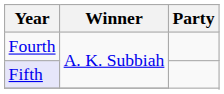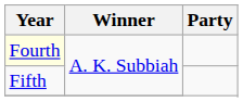 <table class="wikitable sortable">
 <tr>
 <th>Year</th>
 <th>Winner</th>
 <th colspan="2">Party</th>
 </tr>
 <tr>
-<td><a href='#'>Fourth</a></td>
+<td style="background: lightyellow;"><a href='#'>Fourth</a></td>
 <td rowspan=2><a href='#'>A. K. Subbiah</a></td>
 <td></td>
 </tr>
 <tr>
-<td style="background: lavender;"><a href='#'>Fifth</a></td>
+<td><a href='#'>Fifth</a></td>
 </tr>
 <tr>
 </tr>
 </table>
